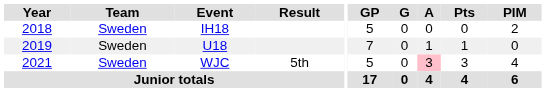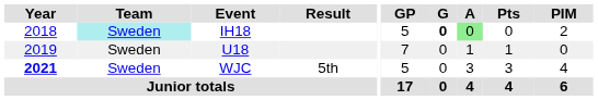 <table border="0" cellpadding="1" cellspacing="0" ID="Table3" style="text-align:center; width:40em">
 <tr ALIGN="center" bgcolor="#e0e0e0">
 <th>Year</th>
 <th>Team</th>
 <th>Event</th>
 <th>Result</th>
 <th rowspan="99" bgcolor="#ffffff"></th>
 <th>GP</th>
 <th>G</th>
 <th>A</th>
 <th>Pts</th>
 <th>PIM</th>
 </tr>
 <tr>
 <td><a href='#'>2018</a></td>
-<td><a href='#'>Sweden</a></td>
+<td style="background: paleturquoise;"><a href='#'>Sweden</a></td>
 <td><a href='#'>IH18</a></td>
 <td></td>
 <td>5</td>
-<td>0</td>
-<td>0</td>
+<td><strong>0</strong></td>
+<td style="background: lightgreen;">0</td>
 <td>0</td>
 <td>2</td>
 </tr>
 <tr style="background:#f0f0f0;">
 <td><a href='#'>2019</a></td>
 <td>Sweden</td>
 <td><a href='#'>U18</a></td>
 <td></td>
 <td>7</td>
 <td>0</td>
 <td>1</td>
 <td>1</td>
 <td>0</td>
 </tr>
 <tr>
-<td><a href='#'>2021</a></td>
+<td><strong><a href='#'>2021</a></strong></td>
 <td><a href='#'>Sweden</a></td>
 <td><a href='#'>WJC</a></td>
 <td>5th</td>
 <td>5</td>
 <td>0</td>
-<td style="background: pink;">3</td>
+<td>3</td>
 <td>3</td>
 <td>4</td>
 </tr>
 <tr bgcolor="#e0e0e0">
 <th colspan="4">Junior totals</th>
 <th>17</th>
 <th>0</th>
 <th>4</th>
 <th>4</th>
 <th>6</th>
 </tr>
 </table>
